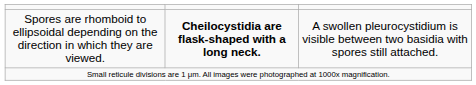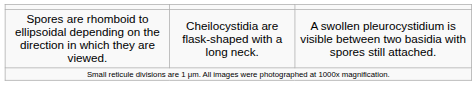 <table class="wikitable" style="width:640px; margin: 1em auto; text-align: center;">
 <tr>
 <td></td>
 <td></td>
 <td></td>
 </tr>
 <tr>
 <td>Spores are rhomboid to ellipsoidal depending on the direction in which they are viewed.</td>
-<td><strong>Cheilocystidia are flask-shaped with a long neck.</strong></td>
+<td>Cheilocystidia are flask-shaped with a long neck.</td>
 <td>A swollen pleurocystidium is visible between two basidia with spores still attached.</td>
 </tr>
 <tr>
 <td align="center" colspan="30" style="font-size: 8pt">Small reticule divisions are 1 μm. All images were photographed at 1000x magnification.</td>
 </tr>
 </table>
